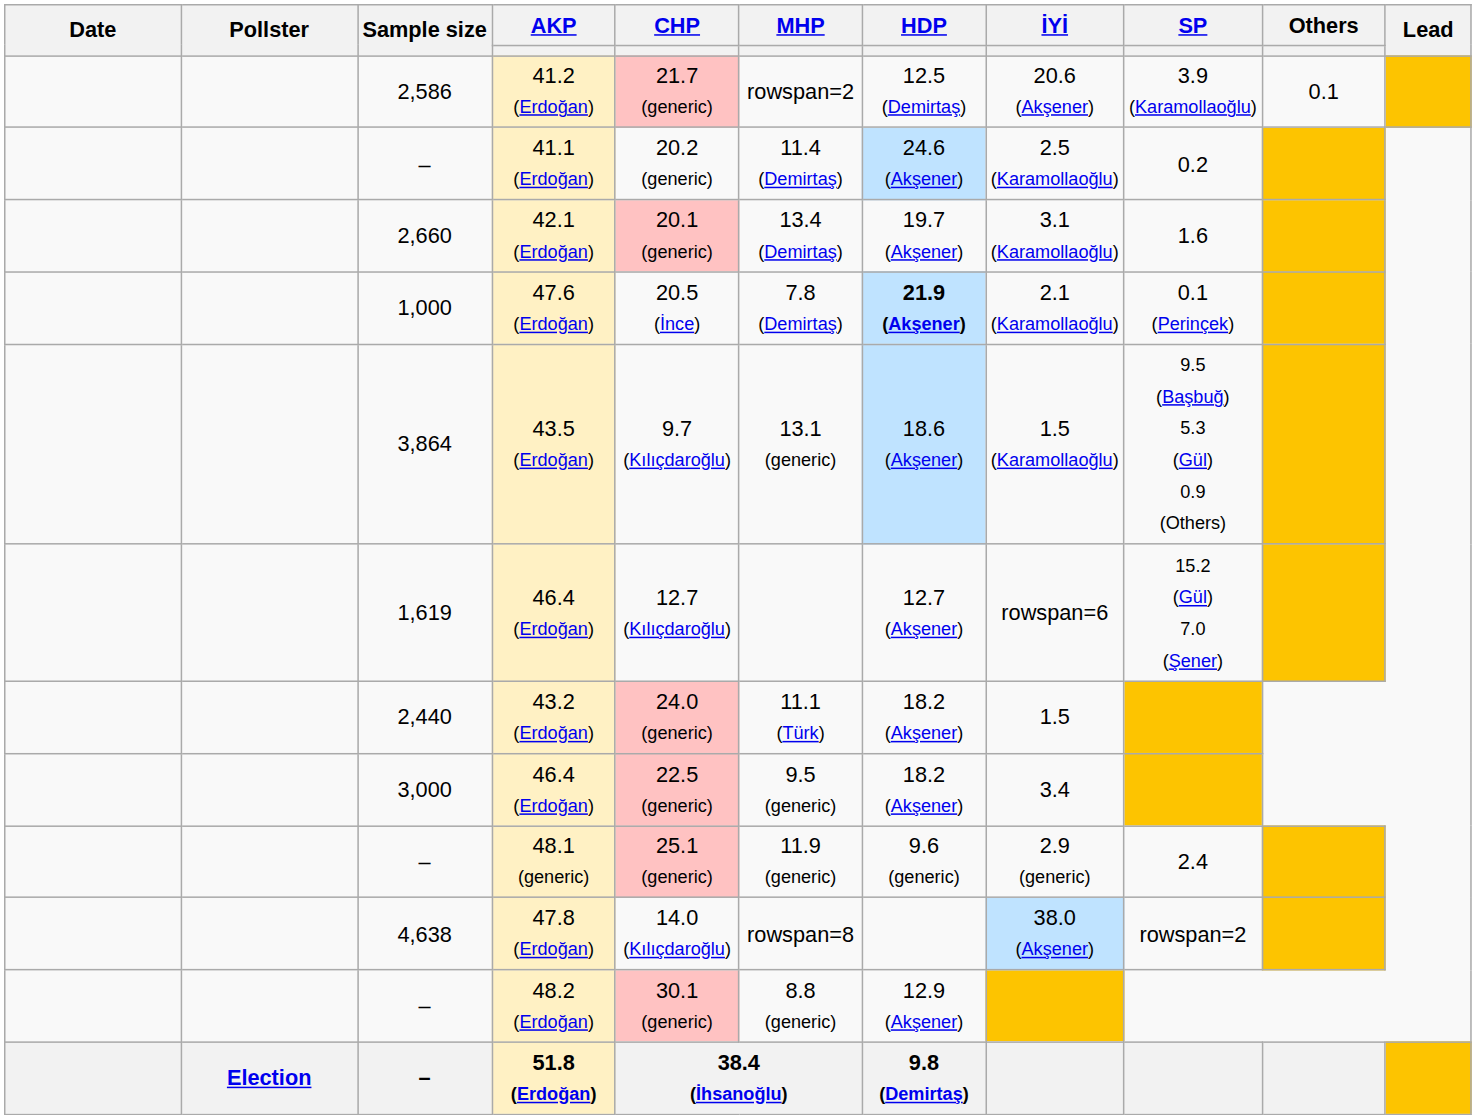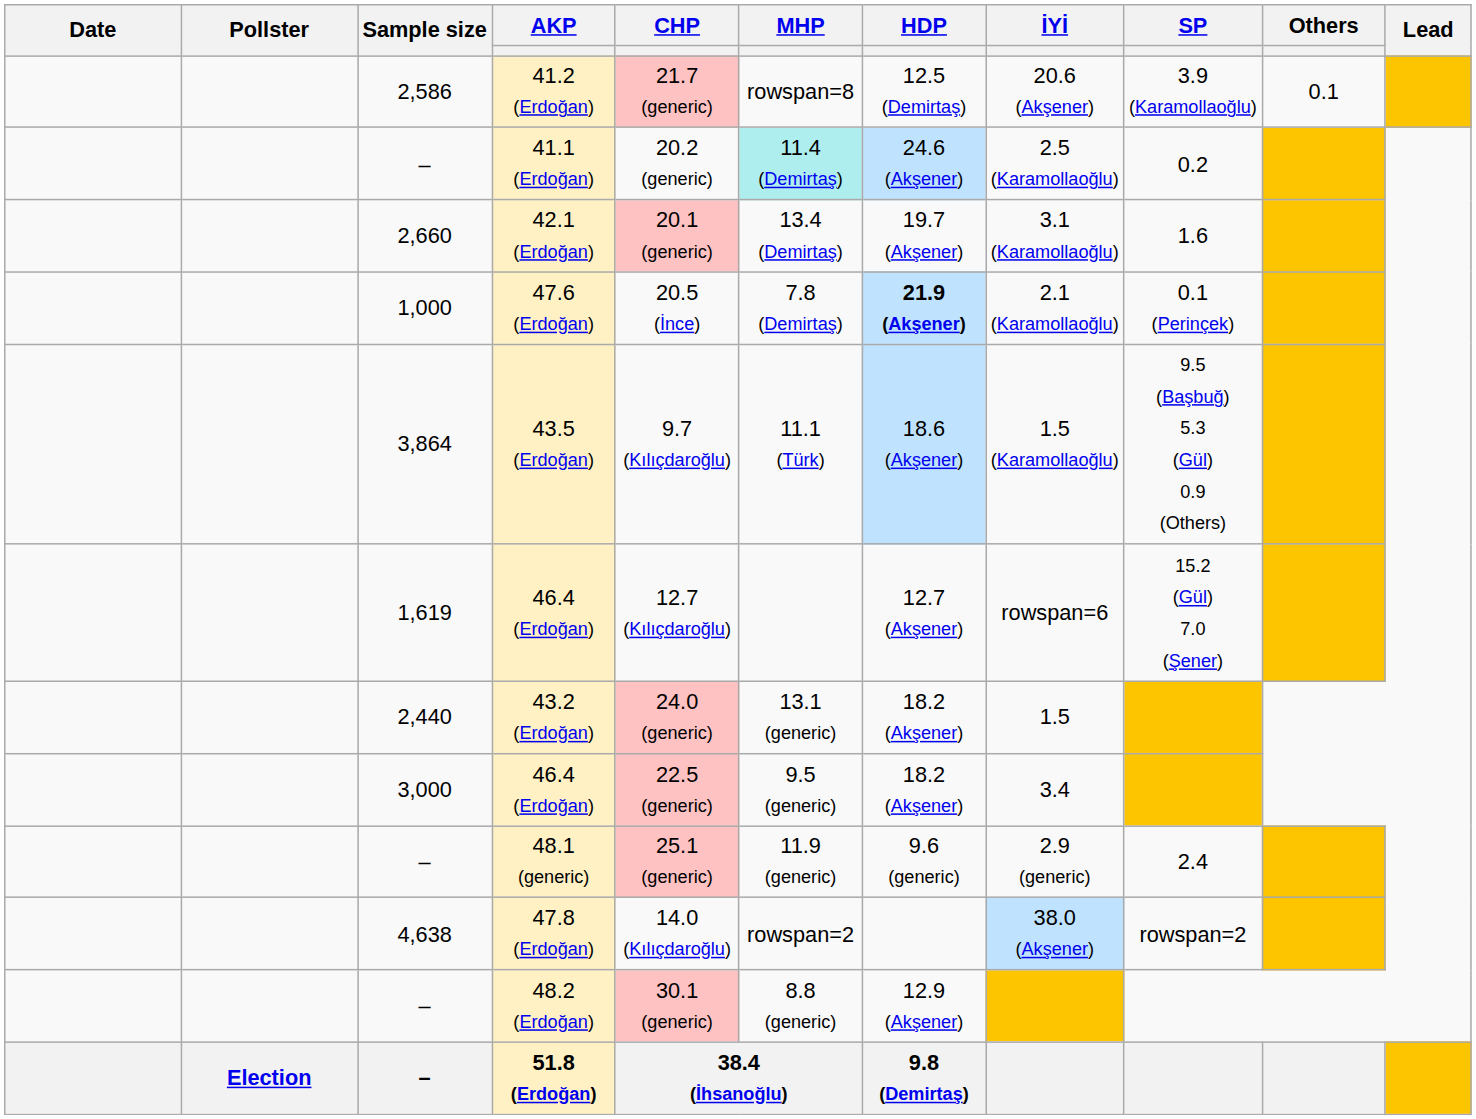 <table class="wikitable" style="text-align:center; font-size:90%; line-height:20px;">
 <tr>
 <th rowspan=2 width="110px">Date</th>
 <th rowspan=2 width="110px">Pollster</th>
 <th rowspan=2 width="50px">Sample size</th>
 <th width=75><a href='#'>AKP</a></th>
 <th width=75><a href='#'>CHP</a></th>
 <th width=75><a href='#'>MHP</a></th>
 <th width=75><a href='#'>HDP</a></th>
 <th width=75><a href='#'>İYİ</a></th>
 <th width=75><a href='#'>SP</a></th>
 <th width=75>Others</th>
 <th width=50 rowspan=2>Lead</th>
 </tr>
 <tr>
 <th style="background: "></th>
 <th style="background: "></th>
 <th style="background: "></th>
 <th style="background: "></th>
 <th style="background: "></th>
 <th style="background: "></th>
 <th style="background: "></th>
 </tr>
 <tr>
 <td></td>
 <td></td>
 <td>2,586</td>
 <td style="background: #FFF1C4">41.2<br><small>(<a href='#'>Erdoğan</a>)</small></td>
 <td style="background: #FFC2C2">21.7<br><small>(generic)</small></td>
-<td>rowspan=2 </td>
+<td>rowspan=8 </td>
 <td>12.5<br><small>(<a href='#'>Demirtaş</a>)</small></td>
 <td>20.6<br><small>(<a href='#'>Akşener</a>)</small></td>
 <td>3.9<br><small> (<a href='#'>Karamollaoğlu</a>)</small></td>
 <td>0.1</td>
 <td style="background: #FDC400"></td>
 </tr>
 <tr>
 <td></td>
 <td></td>
 <td>–</td>
 <td style="background: #FFF1C4">41.1 <br><small>(<a href='#'>Erdoğan</a>)</small></td>
 <td>20.2<br><small>(generic)</small></td>
-<td>11.4<br><small>(<a href='#'>Demirtaş</a>)</small></td>
+<td style="background: paleturquoise;">11.4<br><small>(<a href='#'>Demirtaş</a>)</small></td>
 <td style="background: #BFE3FF">24.6<br><small>(<a href='#'>Akşener</a>)</small></td>
 <td>2.5<br><small> (<a href='#'>Karamollaoğlu</a>)</small></td>
 <td>0.2</td>
 <td style="background: #FDC400"></td>
 </tr>
 <tr>
 <td></td>
 <td></td>
 <td>2,660</td>
 <td style="background: #FFF1C4">42.1 <br><small>(<a href='#'>Erdoğan</a>)</small></td>
 <td style="background: #FFC2C2">20.1<br><small>(generic)</small></td>
 <td>13.4<br><small>(<a href='#'>Demirtaş</a>)</small></td>
 <td>19.7<br><small>(<a href='#'>Akşener</a>)</small></td>
 <td>3.1<br><small> (<a href='#'>Karamollaoğlu</a>)</small></td>
 <td>1.6</td>
 <td style="background: #FDC400"></td>
 </tr>
 <tr>
 <td></td>
 <td></td>
 <td>1,000</td>
 <td style="background: #FFF1C4">47.6 <br><small>(<a href='#'>Erdoğan</a>)</small></td>
 <td>20.5<br><small>(<a href='#'>İnce</a>)</small></td>
 <td>7.8<br><small>(<a href='#'>Demirtaş</a>)</small></td>
 <td style="background: #BFE3FF"><strong>21.9<br><small>(<a href='#'>Akşener</a>)</small></strong></td>
 <td>2.1<br><small> (<a href='#'>Karamollaoğlu</a>)</small></td>
 <td>0.1<br><small>(<a href='#'>Perinçek</a>)</small></td>
 <td style="background: #FDC400"></td>
 </tr>
 <tr>
 <td></td>
 <td></td>
 <td>3,864</td>
 <td style="background: #FFF1C4">43.5 <br><small>(<a href='#'>Erdoğan</a>)</small></td>
 <td>9.7<br><small>(<a href='#'>Kılıçdaroğlu</a>)</small></td>
-<td>13.1 <br><small>(generic)</small></td>
+<td>11.1<br><small>(<a href='#'>Türk</a>)</small></td>
 <td style="background: #BFE3FF">18.6<br><small>(<a href='#'>Akşener</a>)</small></td>
 <td>1.5<br><small> (<a href='#'>Karamollaoğlu</a>)</small></td>
 <td><small>9.5<br> (<a href='#'>Başbuğ</a>)<br>5.3<br>(<a href='#'>Gül</a>)<br>0.9<br>(Others)</small></td>
 <td style="background: #FDC400"></td>
 </tr>
 <tr>
 <td></td>
 <td></td>
 <td>1,619</td>
 <td style="background: #FFF1C4">46.4 <br><small>(<a href='#'>Erdoğan</a>)</small></td>
 <td>12.7 <br><small>(<a href='#'>Kılıçdaroğlu</a>)</small></td>
 <td></td>
 <td>12.7<br><small>(<a href='#'>Akşener</a>)</small></td>
 <td>rowspan=6 </td>
 <td><small>15.2<br>(<a href='#'>Gül</a>)<br>7.0<br> (<a href='#'>Şener</a>)</small></td>
 <td style="background: #FDC400"></td>
 </tr>
 <tr>
 <td></td>
 <td></td>
 <td>2,440</td>
 <td style="background: #FFF1C4">43.2 <br><small>(<a href='#'>Erdoğan</a>)</small></td>
 <td style="background: #FFC2C2">24.0 <br><small>(generic)</small></td>
-<td>11.1<br><small>(<a href='#'>Türk</a>)</small></td>
+<td>13.1 <br><small>(generic)</small></td>
 <td>18.2<br><small>(<a href='#'>Akşener</a>)</small></td>
 <td>1.5</td>
 <td style="background: #FDC400"></td>
 </tr>
 <tr>
 <td></td>
 <td></td>
 <td>3,000</td>
 <td style="background: #FFF1C4">46.4 <br><small>(<a href='#'>Erdoğan</a>)</small></td>
 <td style="background: #FFC2C2">22.5<br><small>(generic)</small></td>
 <td>9.5<br><small>(generic)</small></td>
 <td>18.2<br><small>(<a href='#'>Akşener</a>)</small></td>
 <td>3.4</td>
 <td style="background: #FDC400"></td>
 </tr>
 <tr>
 <td></td>
 <td></td>
 <td>–</td>
 <td style="background: #FFF1C4">48.1<br><small>(generic)</small></td>
 <td style="background: #FFC2C2">25.1<br><small>(generic)</small></td>
 <td>11.9<br><small>(generic)</small></td>
 <td>9.6<br><small>(generic)</small></td>
 <td>2.9<br><small>(generic)</small></td>
 <td>2.4</td>
 <td style="background: #FDC400"></td>
 </tr>
 <tr>
 <td></td>
 <td></td>
 <td>4,638</td>
 <td style="background: #FFF1C4">47.8<br><small>(<a href='#'>Erdoğan</a>)</small></td>
 <td>14.0<br><small>(<a href='#'>Kılıçdaroğlu</a>)</small></td>
-<td>rowspan=8 </td>
+<td>rowspan=2 </td>
 <td></td>
 <td style="background: #BFE3FF">38.0<br><small>(<a href='#'>Akşener</a>)</small></td>
 <td>rowspan=2 </td>
 <td style="background: #FDC400"></td>
 </tr>
 <tr>
 <td></td>
 <td></td>
 <td>–</td>
 <td style="background: #FFF1C4">48.2<br><small>(<a href='#'>Erdoğan</a>)</small></td>
 <td style="background: #FFC2C2">30.1<br><small>(generic)</small></td>
 <td>8.8<br><small>(generic)</small></td>
 <td>12.9<br><small>(<a href='#'>Akşener</a>)</small></td>
 <td style="background: #FDC400"></td>
 </tr>
 <tr>
 <th></th>
 <th><a href='#'>Election</a></th>
 <th>–</th>
 <th style="background: #FFF1C4">51.8<br><small>(<a href='#'>Erdoğan</a>)</small></th>
 <th colspan=2>38.4<br><small>(<a href='#'>İhsanoğlu</a>)</small></th>
 <th>9.8<br><small>(<a href='#'>Demirtaş</a>)</small></th>
 <th></th>
 <th></th>
 <th></th>
 <th style="background: #FDC400"></th>
 </tr>
 </table>
